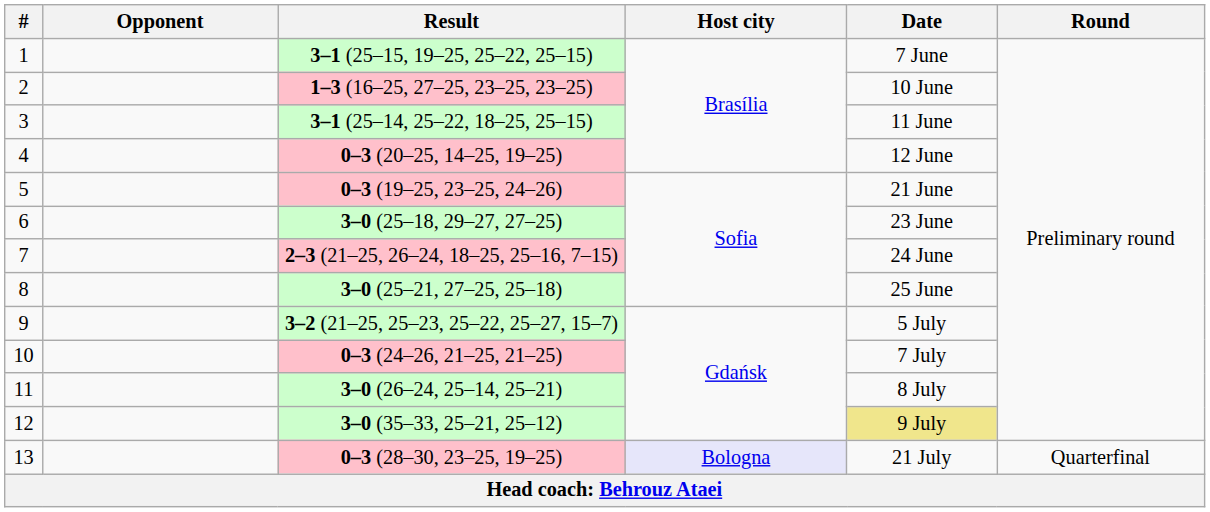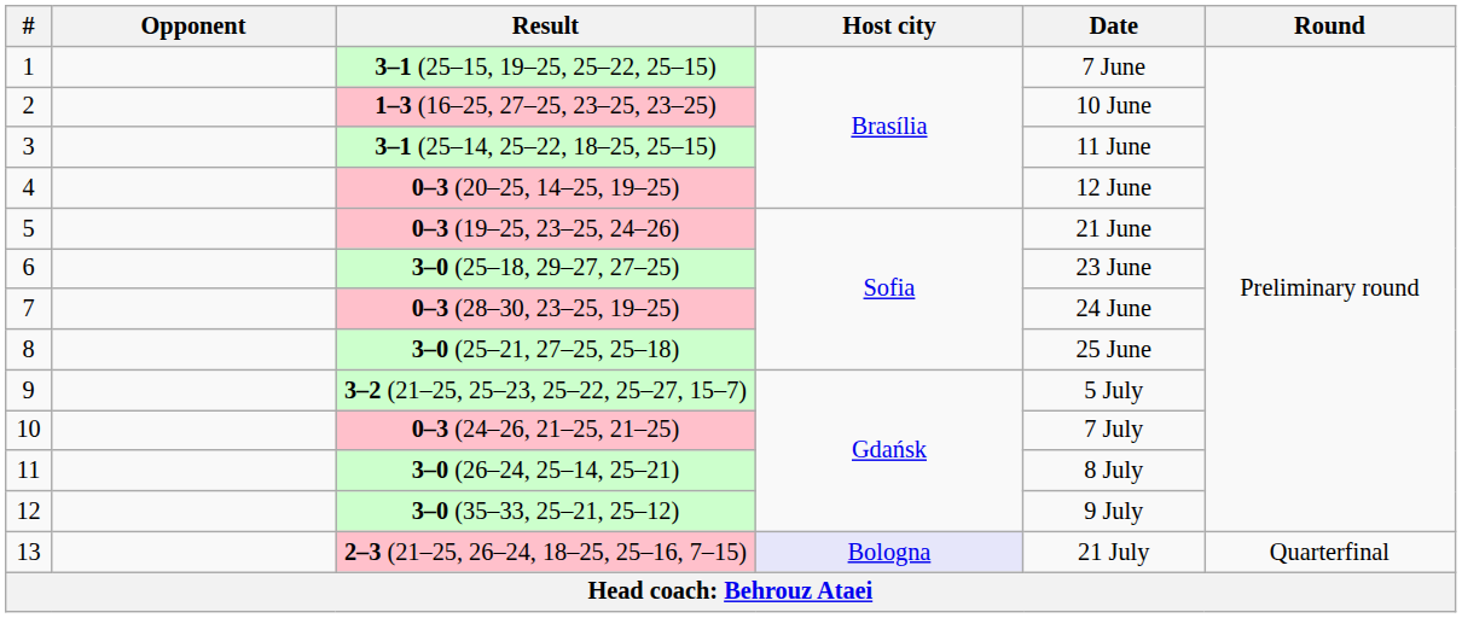 <table class="wikitable" style="text-align: center;font-size:90%;">
 <tr>
 <th width=20>#</th>
 <th width=160>Opponent</th>
 <th width=240>Result</th>
 <th width=150>Host city</th>
 <th width=100>Date</th>
 <th width=140>Round</th>
 </tr>
 <tr>
 <td>1</td>
 <td align=left></td>
 <td bgcolor=ccffcc><strong>3–1</strong> (25–15, 19–25, 25–22, 25–15)</td>
 <td rowspan=4> <a href='#'>Brasília</a></td>
 <td>7 June</td>
 <td rowspan=12>Preliminary round</td>
 </tr>
 <tr>
 <td>2</td>
 <td align=left></td>
 <td bgcolor=pink><strong>1–3</strong> (16–25, 27–25, 23–25, 23–25)</td>
 <td>10 June</td>
 </tr>
 <tr>
 <td>3</td>
 <td align=left></td>
 <td bgcolor=ccffcc><strong>3–1</strong> (25–14, 25–22, 18–25, 25–15)</td>
 <td>11 June</td>
 </tr>
 <tr>
 <td>4</td>
 <td align=left></td>
 <td bgcolor=pink><strong>0–3</strong> (20–25, 14–25, 19–25)</td>
 <td>12 June</td>
 </tr>
 <tr>
 <td>5</td>
 <td align=left></td>
 <td bgcolor=pink><strong>0–3</strong> (19–25, 23–25, 24–26)</td>
 <td rowspan=4> <a href='#'>Sofia</a></td>
 <td>21 June</td>
 </tr>
 <tr>
 <td>6</td>
 <td align=left></td>
 <td bgcolor=ccffcc><strong>3–0</strong> (25–18, 29–27, 27–25)</td>
 <td>23 June</td>
 </tr>
 <tr>
 <td>7</td>
 <td align=left></td>
-<td bgcolor=pink><strong>2–3</strong> (21–25, 26–24, 18–25, 25–16, 7–15)</td>
+<td bgcolor=pink><strong>0–3</strong> (28–30, 23–25, 19–25)</td>
 <td>24 June</td>
 </tr>
 <tr>
 <td>8</td>
 <td align=left></td>
 <td bgcolor=ccffcc><strong>3–0</strong> (25–21, 27–25, 25–18)</td>
 <td>25 June</td>
 </tr>
 <tr>
 <td>9</td>
 <td align=left></td>
 <td bgcolor=ccffcc><strong>3–2</strong> (21–25, 25–23, 25–22, 25–27, 15–7)</td>
 <td rowspan=4> <a href='#'>Gdańsk</a></td>
 <td>5 July</td>
 </tr>
 <tr>
 <td>10</td>
 <td align=left></td>
 <td bgcolor=pink><strong>0–3</strong> (24–26, 21–25, 21–25)</td>
 <td>7 July</td>
 </tr>
 <tr>
 <td>11</td>
 <td align=left></td>
 <td bgcolor=ccffcc><strong>3–0</strong> (26–24, 25–14, 25–21)</td>
 <td>8 July</td>
 </tr>
 <tr>
 <td>12</td>
 <td align=left></td>
 <td bgcolor=ccffcc><strong>3–0</strong> (35–33, 25–21, 25–12)</td>
-<td style="background: khaki;">9 July</td>
+<td>9 July</td>
 </tr>
 <tr>
 <td>13</td>
 <td align=left></td>
-<td bgcolor=pink><strong>0–3</strong> (28–30, 23–25, 19–25)</td>
+<td bgcolor=pink><strong>2–3</strong> (21–25, 26–24, 18–25, 25–16, 7–15)</td>
 <td style="background: lavender;"> <a href='#'>Bologna</a></td>
 <td>21 July</td>
 <td>Quarterfinal</td>
 </tr>
 <tr>
 <th colspan=6>Head coach:  <a href='#'>Behrouz Ataei</a></th>
 </tr>
 </table>
